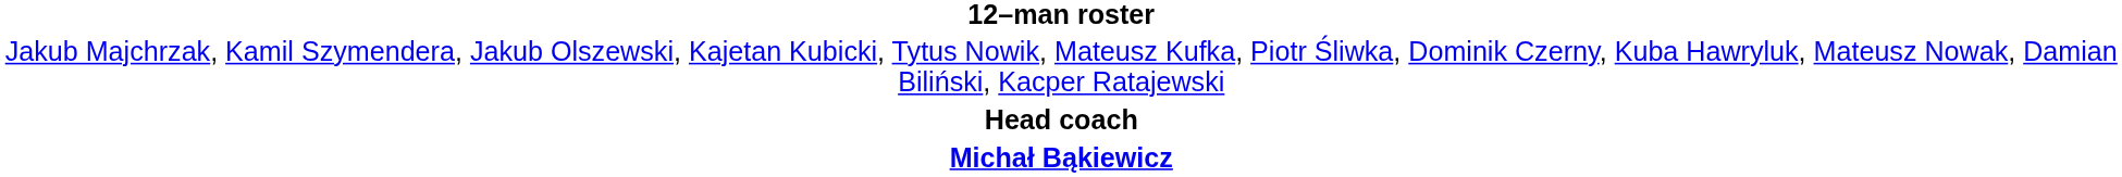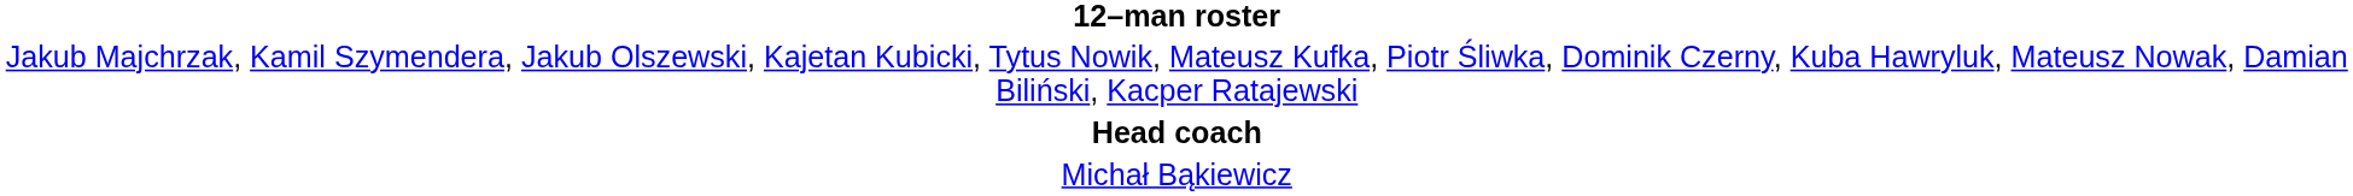 <table style="text-align:center; margin-top:2em; margin-left:auto; margin-right:auto">
 <tr>
 <td><strong>12–man roster</strong></td>
 </tr>
 <tr>
 <td><a href='#'>Jakub Majchrzak</a>, <a href='#'>Kamil Szymendera</a>, <a href='#'>Jakub Olszewski</a>, <a href='#'>Kajetan Kubicki</a>, <a href='#'>Tytus Nowik</a>, <a href='#'>Mateusz Kufka</a>, <a href='#'>Piotr Śliwka</a>, <a href='#'>Dominik Czerny</a>, <a href='#'>Kuba Hawryluk</a>, <a href='#'>Mateusz Nowak</a>, <a href='#'>Damian Biliński</a>, <a href='#'>Kacper Ratajewski</a></td>
 </tr>
 <tr>
 <td><strong>Head coach</strong></td>
 </tr>
 <tr>
-<td><strong><a href='#'>Michał Bąkiewicz</a></strong></td>
+<td><a href='#'>Michał Bąkiewicz</a></td>
 </tr>
 </table>
